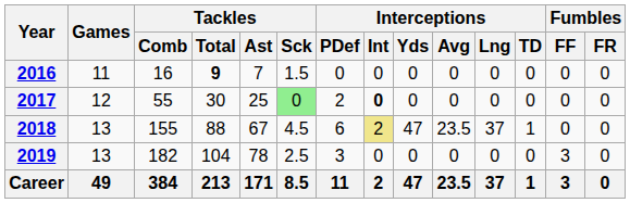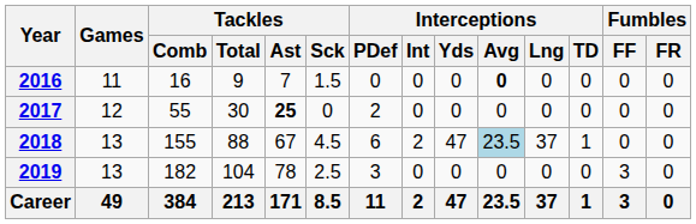 <table class="wikitable" style="text-align:center;">
 <tr>
 <th rowspan="2">Year</th>
 <th colspan="1" rowspan="2">Games</th>
 <th colspan="4">Tackles</th>
 <th colspan="6">Interceptions</th>
 <th colspan="2">Fumbles</th>
 </tr>
 <tr>
 <th>Comb</th>
 <th>Total</th>
 <th>Ast</th>
 <th>Sck</th>
 <th>PDef</th>
 <th>Int</th>
 <th>Yds</th>
 <th>Avg</th>
 <th>Lng</th>
 <th>TD</th>
 <th>FF</th>
 <th>FR</th>
 </tr>
 <tr>
 <th><a href='#'>2016</a></th>
 <td>11</td>
 <td>16</td>
-<td><strong>9</strong></td>
+<td>9</td>
 <td>7</td>
 <td>1.5</td>
 <td>0</td>
 <td>0</td>
 <td>0</td>
-<td>0</td>
+<td><strong>0</strong></td>
 <td>0</td>
 <td>0</td>
 <td>0</td>
 <td>0</td>
 </tr>
 <tr>
 <th><a href='#'>2017</a></th>
 <td>12</td>
 <td>55</td>
 <td>30</td>
-<td>25</td>
-<td style="background: lightgreen;">0</td>
+<td><strong>25</strong></td>
+<td>0</td>
 <td>2</td>
-<td><strong>0</strong></td>
+<td>0</td>
 <td>0</td>
 <td>0</td>
 <td>0</td>
 <td>0</td>
 <td>0</td>
 <td>0</td>
 </tr>
 <tr>
 <th><a href='#'>2018</a></th>
 <td>13</td>
 <td>155</td>
 <td>88</td>
 <td>67</td>
 <td>4.5</td>
 <td>6</td>
-<td style="background: khaki;">2</td>
+<td>2</td>
 <td>47</td>
-<td>23.5</td>
+<td style="background: lightblue;">23.5</td>
 <td>37</td>
 <td>1</td>
 <td>0</td>
 <td>0</td>
 </tr>
 <tr>
 <th><a href='#'>2019</a></th>
 <td>13</td>
 <td>182</td>
 <td>104</td>
 <td>78</td>
 <td>2.5</td>
 <td>3</td>
 <td>0</td>
 <td>0</td>
 <td>0</td>
 <td>0</td>
 <td>0</td>
 <td>3</td>
 <td>0</td>
 </tr>
 <tr>
 <th>Career</th>
 <th>49</th>
 <th>384</th>
 <th>213</th>
 <th>171</th>
 <th>8.5</th>
 <th>11</th>
 <th>2</th>
 <th>47</th>
 <th>23.5</th>
 <th>37</th>
 <th>1</th>
 <th>3</th>
 <th>0 </th>
 </tr>
 </table>
